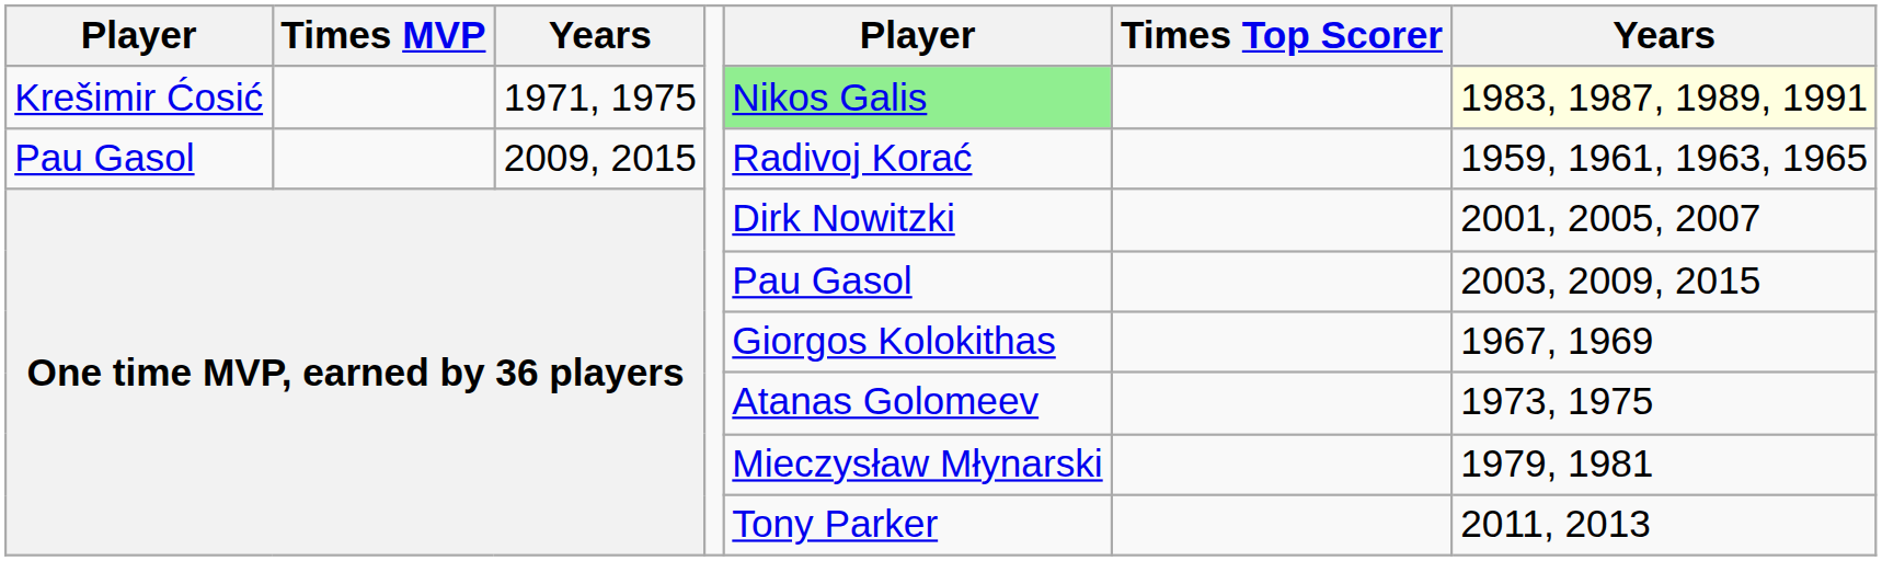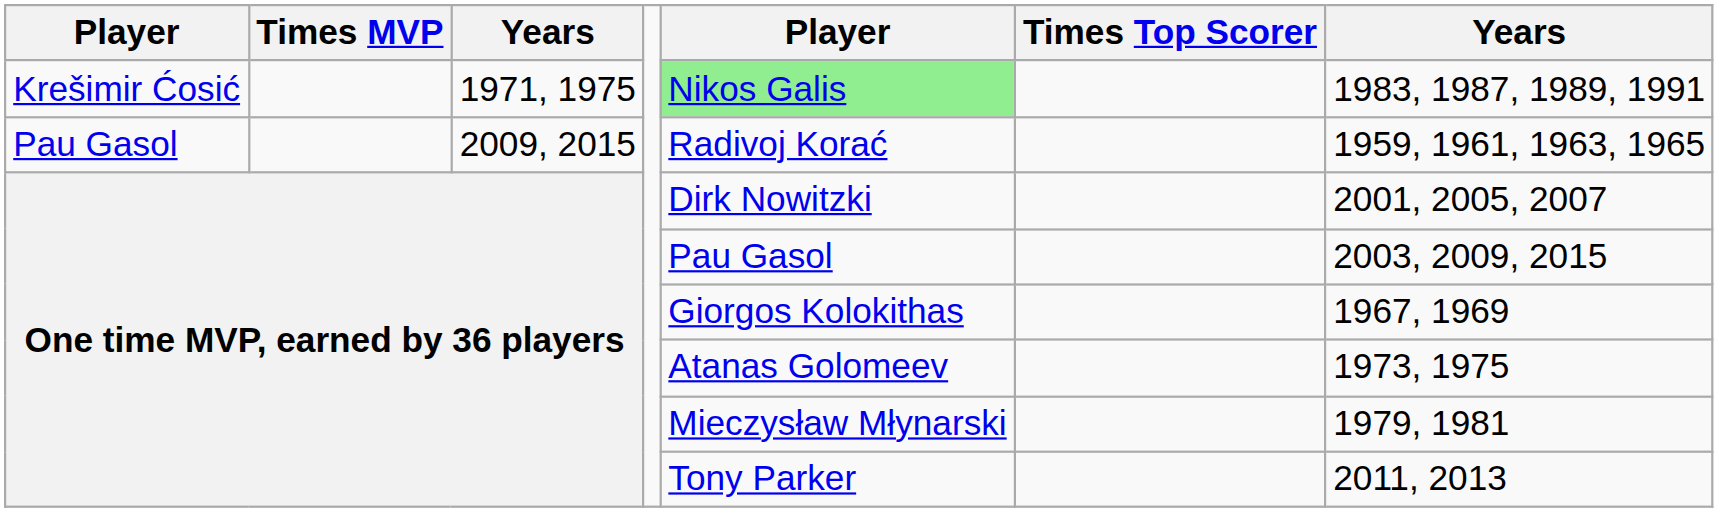 <table class="wikitable">
 <tr>
 <th>Player</th>
 <th>Times <a href='#'>MVP</a></th>
 <th>Years</th>
 <td rowspan="9"></td>
 <th>Player</th>
 <th>Times <a href='#'>Top Scorer</a></th>
 <th>Years</th>
 </tr>
 <tr>
 <td> <a href='#'>Krešimir Ćosić</a></td>
 <td></td>
 <td>1971, 1975</td>
 <td style="background: lightgreen;"> <a href='#'>Nikos Galis</a></td>
 <td></td>
-<td style="background: lightyellow;">1983, 1987, 1989, 1991</td>
+<td>1983, 1987, 1989, 1991</td>
 </tr>
 <tr>
 <td> <a href='#'>Pau Gasol</a></td>
 <td></td>
 <td>2009, 2015</td>
 <td> <a href='#'>Radivoj Korać</a></td>
 <td></td>
 <td>1959, 1961, 1963, 1965</td>
 </tr>
 <tr>
 <th colspan="3" rowspan="6">One time MVP, earned by 36 players</th>
 <td> <a href='#'>Dirk Nowitzki</a></td>
 <td></td>
 <td>2001, 2005, 2007</td>
 </tr>
 <tr>
 <td> <a href='#'>Pau Gasol</a></td>
 <td></td>
 <td>2003, 2009, 2015</td>
 </tr>
 <tr>
 <td> <a href='#'>Giorgos Kolokithas</a></td>
 <td></td>
 <td>1967, 1969</td>
 </tr>
 <tr>
 <td> <a href='#'>Atanas Golomeev</a></td>
 <td></td>
 <td>1973, 1975</td>
 </tr>
 <tr>
 <td> <a href='#'>Mieczysław Młynarski</a></td>
 <td></td>
 <td>1979, 1981</td>
 </tr>
 <tr>
 <td> <a href='#'>Tony Parker</a></td>
 <td></td>
 <td>2011, 2013</td>
 </tr>
 </table>
